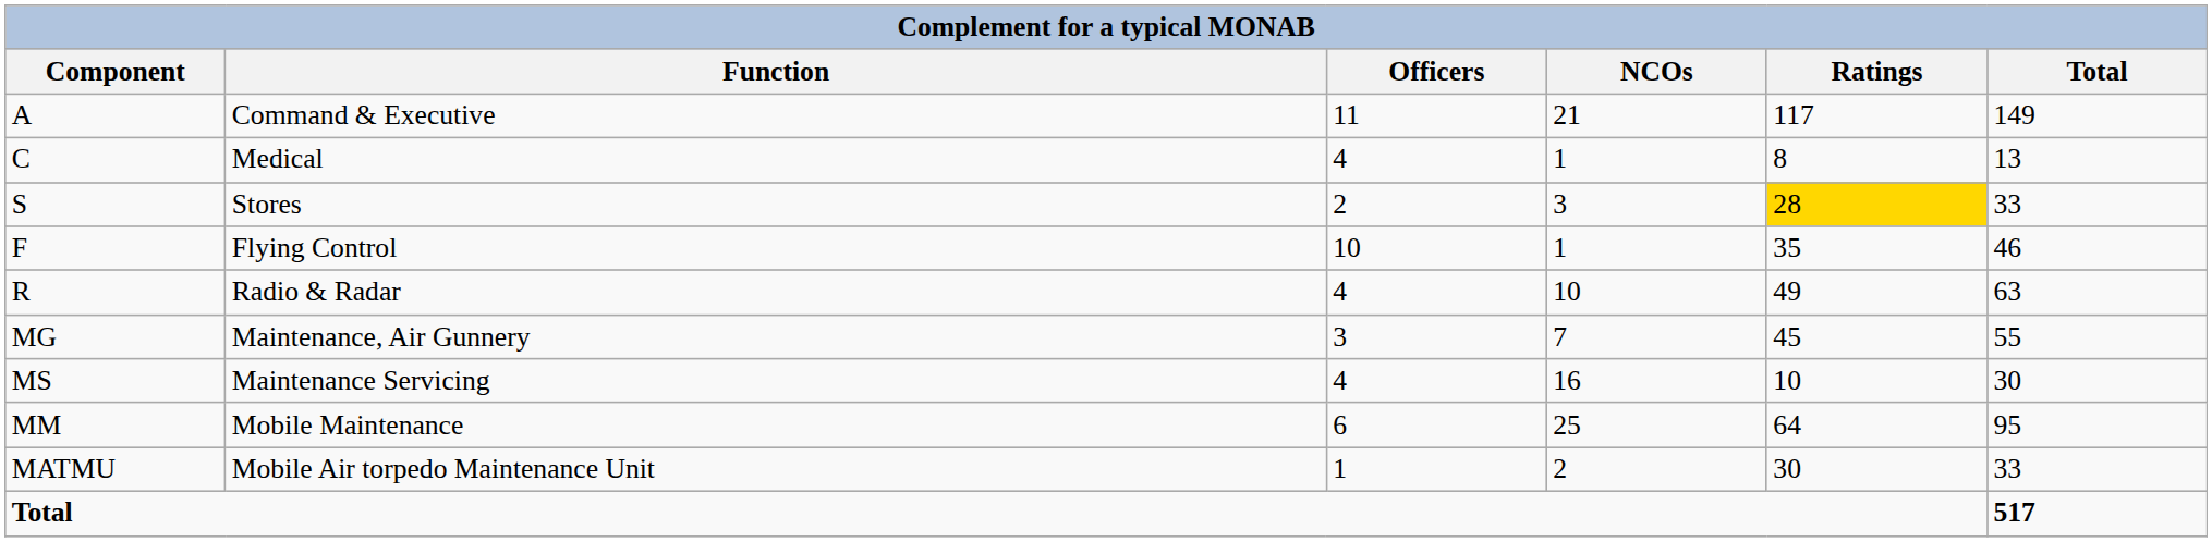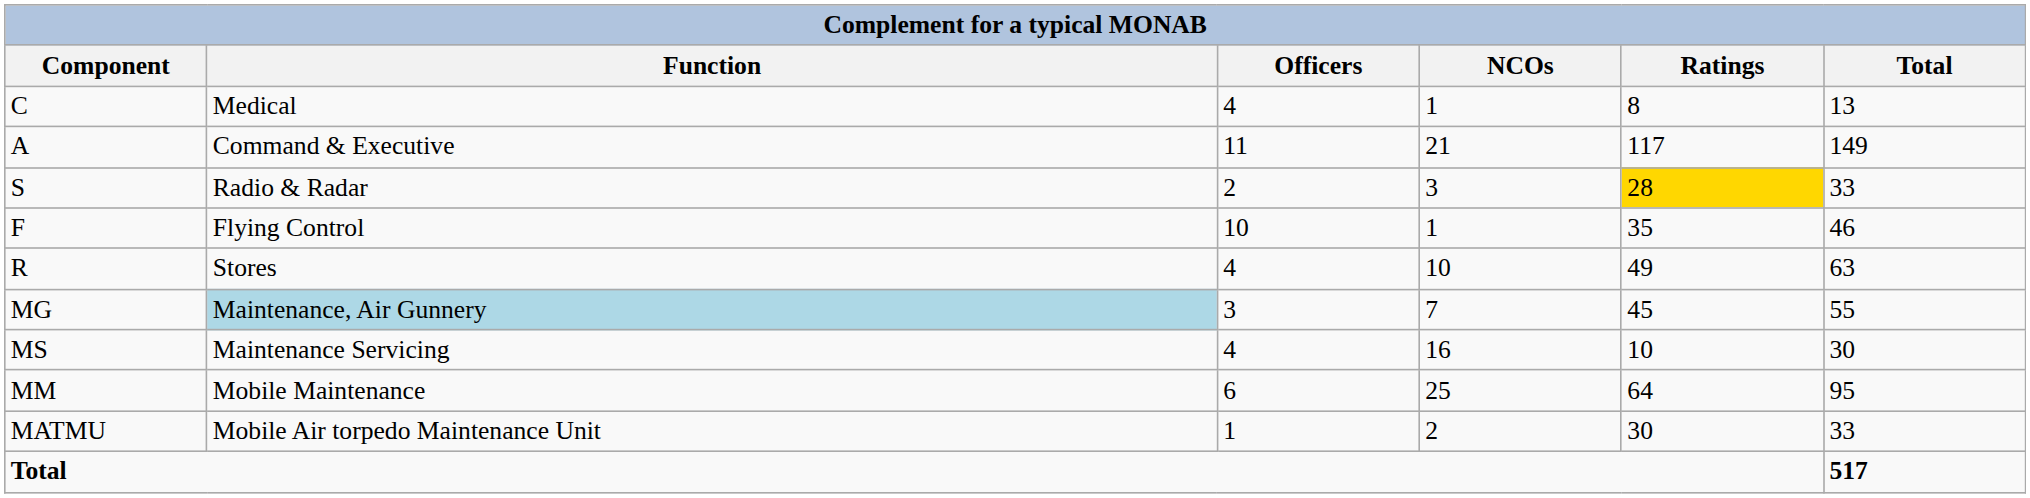 <table class="wikitable" style="margin:auto; width:100%;">
 <tr>
 <th style="align: center; background:#B0C4DE;" colspan="6">Complement for a typical MONAB</th>
 </tr>
 <tr>
 <th style="text-align:center; width:10%;">Component</th>
 <th style="text-align:center; width:50%;">Function</th>
 <th style="text-align:center; width:10%;">Officers</th>
 <th style="text-align:center; width:10%;">NCOs</th>
 <th style="text-align:center; width:10%;">Ratings</th>
 <th style="text-align:center; width:10%;">Total</th>
 </tr>
 <tr>
+<td>C</td>
+<td>Medical</td>
+<td>4</td>
+<td>1</td>
+<td>8</td>
+<td>13</td>
+</tr>
+<tr>
 <td>A</td>
 <td>Command & Executive</td>
 <td>11</td>
 <td>21</td>
 <td>117</td>
 <td>149</td>
 </tr>
 <tr>
-<td>C</td>
-<td>Medical</td>
-<td>4</td>
-<td>1</td>
-<td>8</td>
-<td>13</td>
-</tr>
-<tr>
 <td>S</td>
-<td>Stores</td>
+<td>Radio & Radar</td>
 <td>2</td>
 <td>3</td>
 <td style="background: gold;">28</td>
 <td>33</td>
 </tr>
 <tr>
 <td>F</td>
 <td>Flying Control</td>
 <td>10</td>
 <td>1</td>
 <td>35</td>
 <td>46</td>
 </tr>
 <tr>
 <td>R</td>
-<td>Radio & Radar</td>
+<td>Stores</td>
 <td>4</td>
 <td>10</td>
 <td>49</td>
 <td>63</td>
 </tr>
 <tr>
 <td>MG</td>
-<td>Maintenance, Air Gunnery</td>
+<td style="background: lightblue;">Maintenance, Air Gunnery</td>
 <td>3</td>
 <td>7</td>
 <td>45</td>
 <td>55</td>
 </tr>
 <tr>
 <td>MS</td>
 <td>Maintenance Servicing</td>
 <td>4</td>
 <td>16</td>
 <td>10</td>
 <td>30</td>
 </tr>
 <tr>
 <td>MM</td>
 <td>Mobile Maintenance</td>
 <td>6</td>
 <td>25</td>
 <td>64</td>
 <td>95</td>
 </tr>
 <tr>
 <td>MATMU</td>
 <td>Mobile Air torpedo Maintenance Unit</td>
 <td>1</td>
 <td>2</td>
 <td>30</td>
 <td>33</td>
 </tr>
 <tr>
 <td colspan="5"><strong>Total</strong></td>
 <td><strong>517</strong></td>
 </tr>
 </table>
